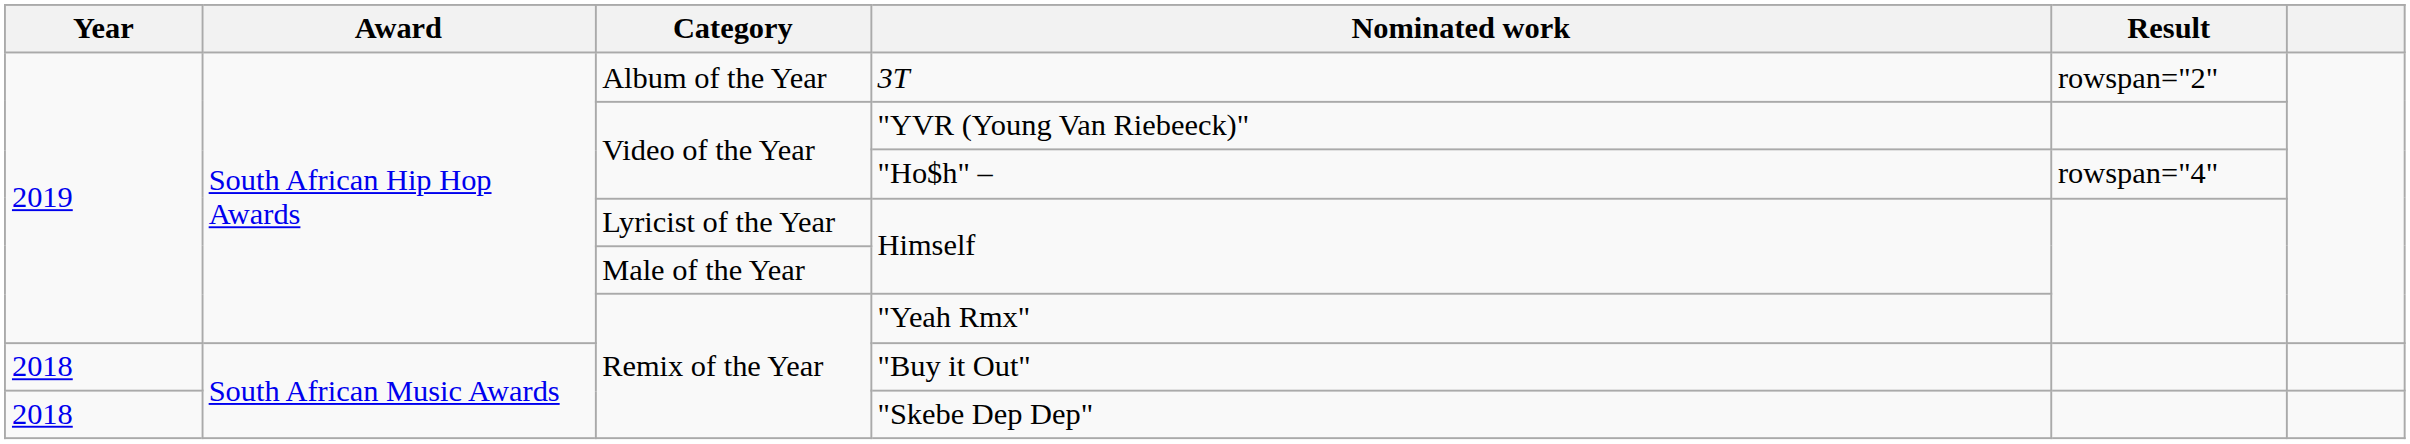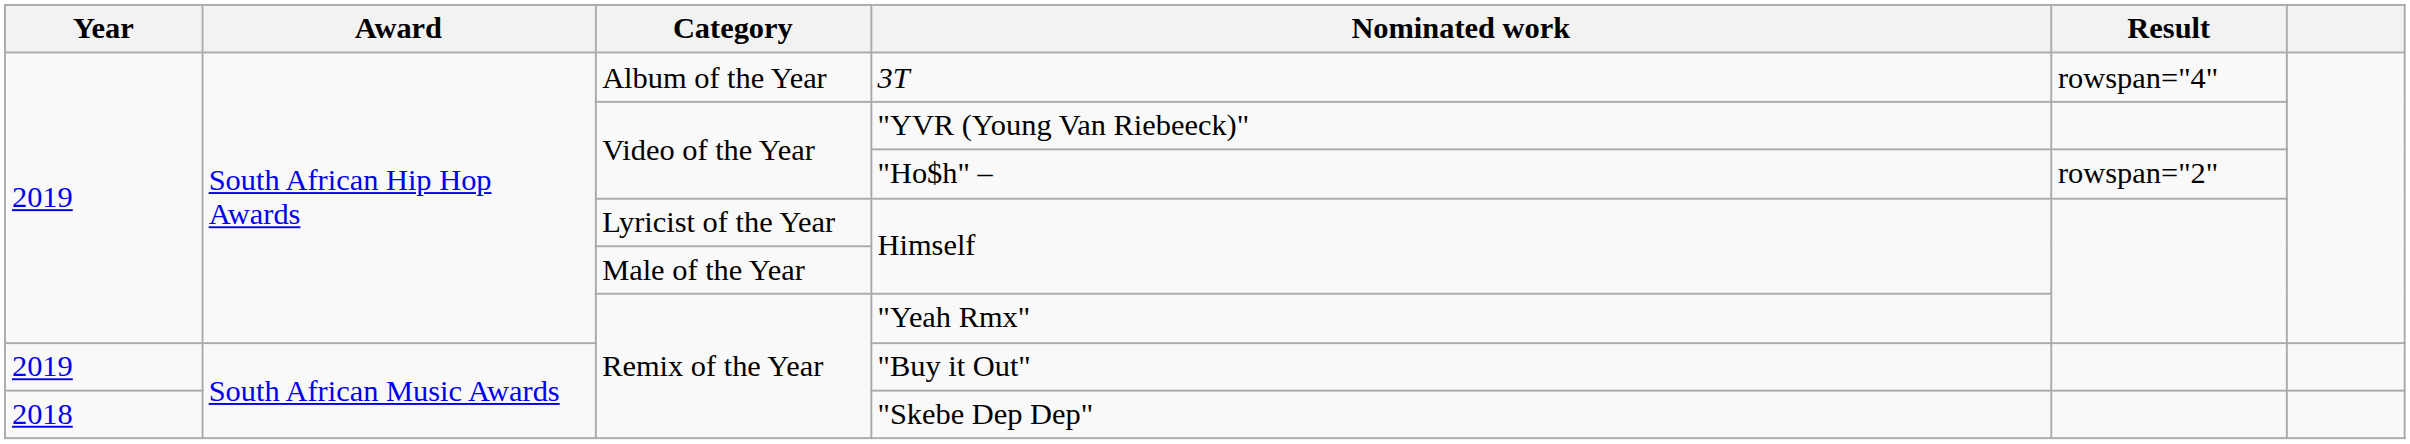 <table class="wikitable" style="width:100%;">
 <tr>
 <th width="5%">Year</th>
 <th style="width:10%;">Award</th>
 <th style="width:7%;">Category</th>
 <th style="width:30%;">Nominated work</th>
 <th style="width:4%;">Result</th>
 <th width="3%"></th>
 </tr>
 <tr>
 <td rowspan="6"><a href='#'>2019</a></td>
 <td rowspan="6"><a href='#'>South African Hip Hop Awards</a></td>
 <td>Album of the Year</td>
 <td><em>3T</em></td>
-<td>rowspan="2" </td>
+<td>rowspan="4" </td>
 <td rowspan="6" style="text-align:center;"></td>
 </tr>
 <tr>
 <td rowspan="2">Video of the Year</td>
 <td>"YVR (Young Van Riebeeck)"</td>
 </tr>
 <tr>
 <td>"Ho$h" – </td>
-<td>rowspan="4" </td>
+<td>rowspan="2" </td>
 </tr>
 <tr>
 <td>Lyricist of the Year</td>
 <td rowspan="2">Himself</td>
 </tr>
 <tr>
 <td>Male of the Year</td>
 </tr>
 <tr>
 <td rowspan="3">Remix of the Year</td>
 <td>"Yeah Rmx" </td>
 </tr>
 <tr>
-<td><a href='#'>2018</a></td>
+<td><a href='#'>2019</a></td>
 <td rowspan="2"><a href='#'>South African Music Awards</a></td>
 <td>"Buy it Out" </td>
 <td></td>
 <td style="text-align:center;"></td>
 </tr>
 <tr>
 <td><a href='#'>2018</a></td>
 <td>"Skebe Dep Dep" </td>
 <td></td>
 <td style="text-align:center;"></td>
 </tr>
 </table>
